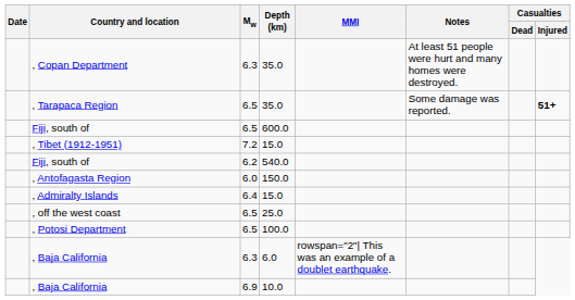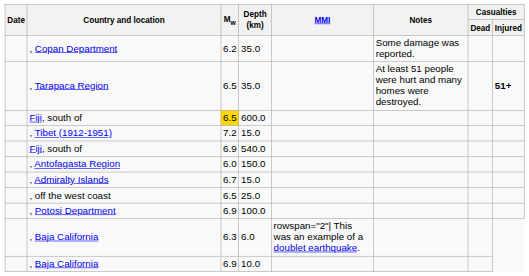 <table class="wikitable sortable sort-under" style="border:1px black; margin-left:1em;">
 <tr>
 <th rowspan="2"><small>Date</small></th>
 <th rowspan="2" style="width: 310px"><small>Country and location</small></th>
 <th rowspan="2"><small>M<sub>w</sub></small></th>
 <th rowspan="2"><small>Depth (km)</small></th>
 <th rowspan="2"><small><a href='#'>MMI</a></small></th>
 <th rowspan="2" class="unsortable"><small>Notes</small></th>
 <th colspan="2"><small>Casualties</small></th>
 </tr>
 <tr>
 <th><small>Dead</small></th>
 <th><small>Injured</small></th>
 </tr>
 <tr>
 <td></td>
 <td>, <a href='#'>Copan Department</a></td>
-<td>6.3</td>
+<td>6.2</td>
 <td>35.0</td>
 <td></td>
-<td>At least 51 people were hurt and many homes were destroyed.</td>
+<td>Some damage was reported.</td>
 <td></td>
 <td></td>
 </tr>
 <tr>
 <td></td>
 <td>, <a href='#'>Tarapaca Region</a></td>
 <td>6.5</td>
 <td>35.0</td>
 <td></td>
-<td>Some damage was reported.</td>
+<td>At least 51 people were hurt and many homes were destroyed.</td>
 <td></td>
 <td><strong>51+</strong></td>
 </tr>
 <tr>
 <td></td>
 <td> <a href='#'>Fiji</a>, south of</td>
-<td>6.5</td>
+<td style="background: gold;">6.5</td>
 <td>600.0</td>
 <td></td>
 <td></td>
 <td></td>
 <td></td>
 </tr>
 <tr>
 <td></td>
 <td>, <a href='#'>Tibet (1912-1951)</a></td>
 <td>7.2</td>
 <td>15.0</td>
 <td></td>
 <td></td>
 <td></td>
 <td></td>
 </tr>
 <tr>
 <td></td>
 <td> <a href='#'>Fiji</a>, south of</td>
-<td>6.2</td>
+<td>6.9</td>
 <td>540.0</td>
 <td></td>
 <td></td>
 <td></td>
 <td></td>
 </tr>
 <tr>
 <td></td>
 <td>, <a href='#'>Antofagasta Region</a></td>
 <td>6.0</td>
 <td>150.0</td>
 <td></td>
 <td></td>
 <td></td>
 <td></td>
 </tr>
 <tr>
 <td></td>
 <td>, <a href='#'>Admiralty Islands</a></td>
-<td>6.4</td>
+<td>6.7</td>
 <td>15.0</td>
 <td></td>
 <td></td>
 <td></td>
 <td></td>
 </tr>
 <tr>
 <td></td>
 <td>, off the west coast</td>
 <td>6.5</td>
 <td>25.0</td>
 <td></td>
 <td></td>
 <td></td>
 <td></td>
 </tr>
 <tr>
 <td></td>
 <td>, <a href='#'>Potosi Department</a></td>
-<td>6.5</td>
+<td>6.9</td>
 <td>100.0</td>
 <td></td>
 <td></td>
 <td></td>
 <td></td>
 </tr>
 <tr>
 <td></td>
 <td>, <a href='#'>Baja California</a></td>
 <td>6.3</td>
 <td>6.0</td>
 <td>rowspan="2"| This was an example of a <a href='#'>doublet earthquake</a>.</td>
 <td></td>
 <td></td>
 </tr>
 <tr>
 <td></td>
 <td>, <a href='#'>Baja California</a></td>
 <td>6.9</td>
 <td>10.0</td>
 <td></td>
 <td></td>
 <td></td>
 </tr>
 </table>
